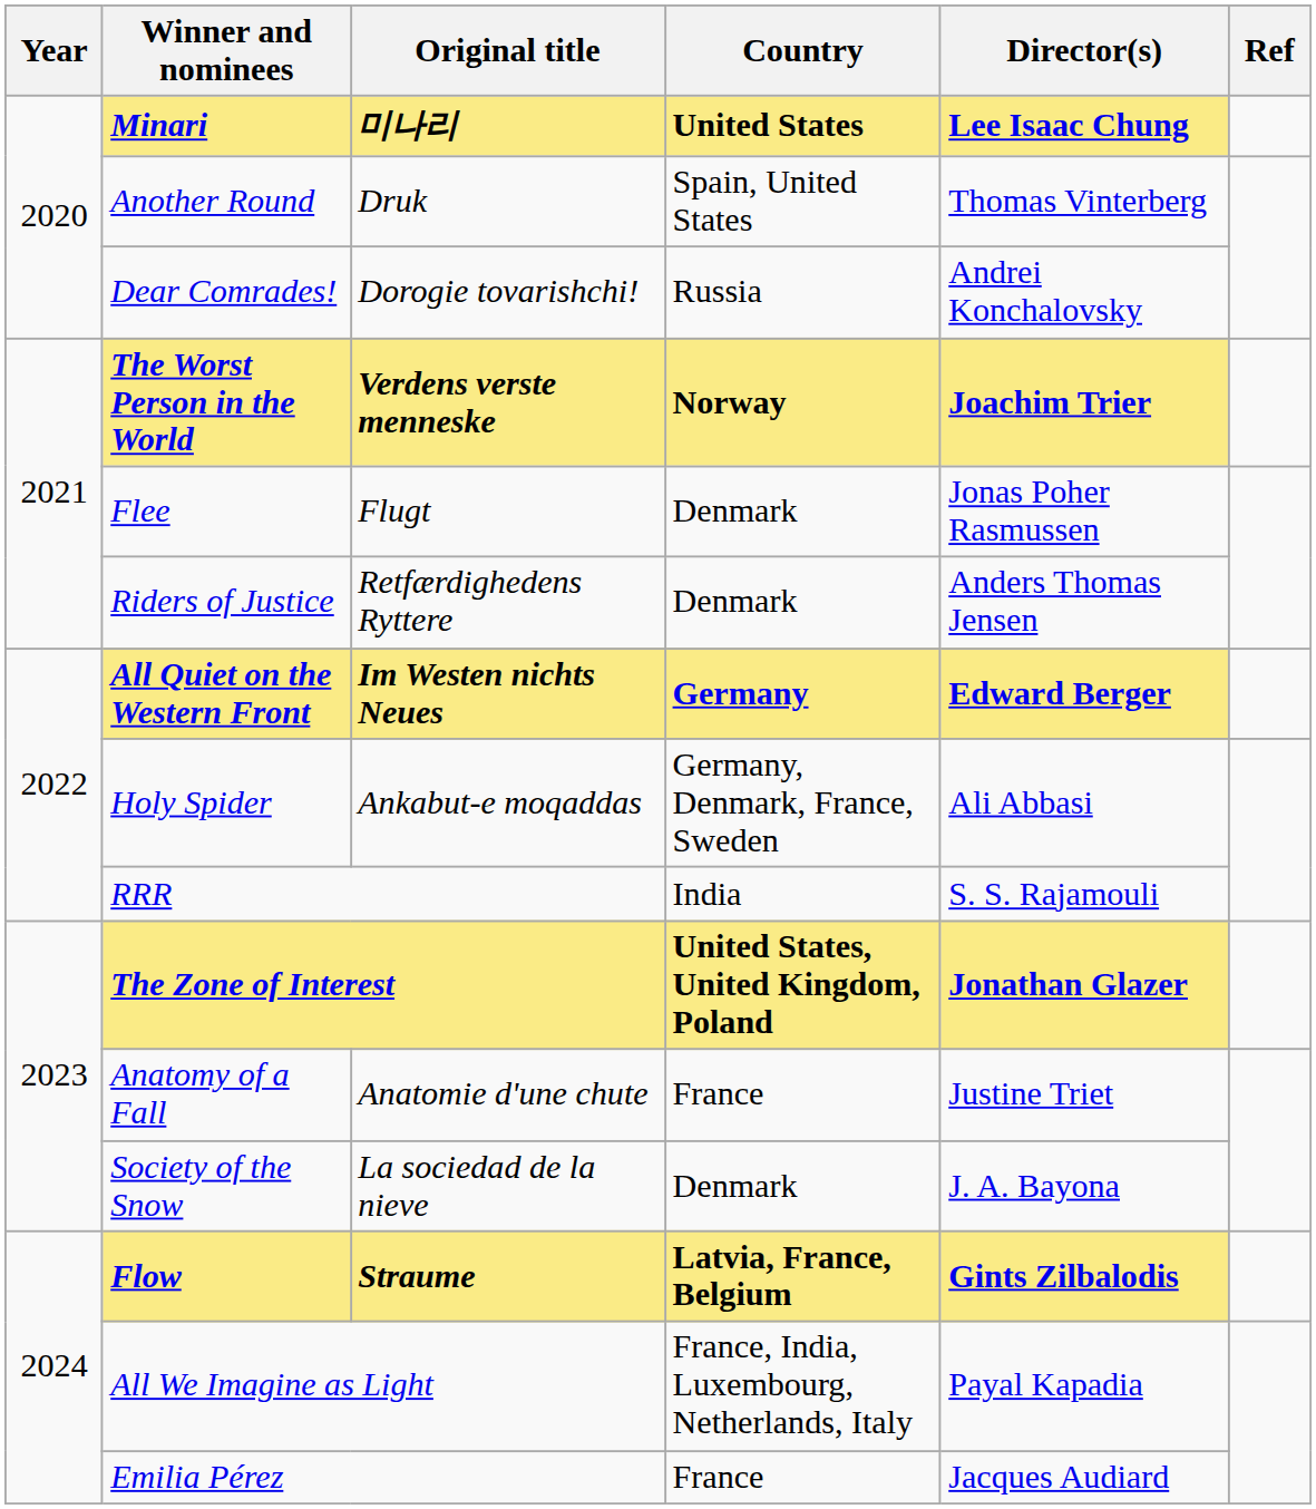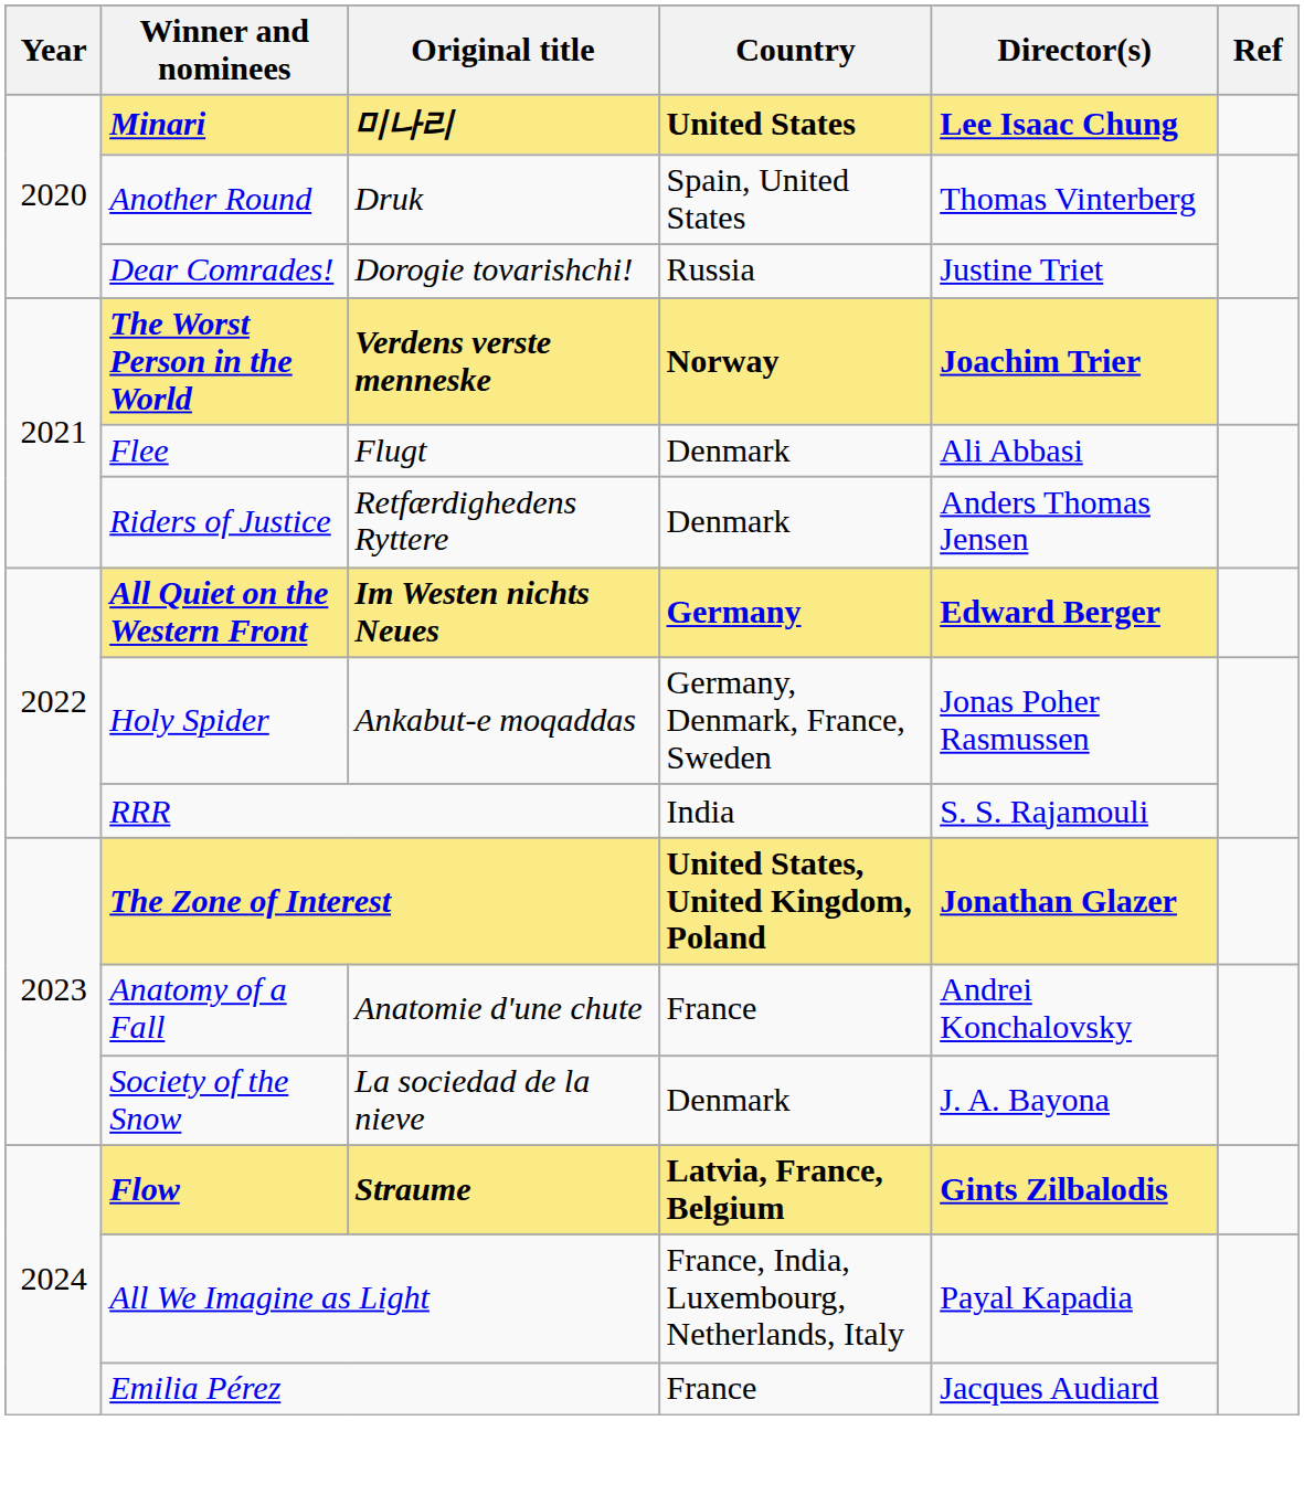 <table class="wikitable" width="100%" cellpadding="5">
 <tr>
 <th width="100"><strong>Year</strong></th>
 <th width="450"><strong>Winner and nominees</strong></th>
 <th width="450"><strong>Original title</strong></th>
 <th width="450"><strong>Country</strong></th>
 <th width="450"><strong>Director(s)</strong></th>
 <th width="100"><strong>Ref</strong></th>
 </tr>
 <tr>
 <td rowspan=3 style="text-align:center;">2020</td>
 <td style="background:#FAEB86;"><strong><em><a href='#'>Minari</a></em></strong></td>
 <td style="background:#FAEB86;"><strong><em>미나리</em></strong></td>
 <td style="background:#FAEB86;"><strong>United States</strong></td>
 <td style="background:#FAEB86;"><strong><a href='#'>Lee Isaac Chung</a></strong></td>
 <td></td>
 </tr>
 <tr>
 <td><em><a href='#'>Another Round</a></em></td>
 <td><em>Druk</em></td>
 <td>Spain, United States</td>
 <td><a href='#'>Thomas Vinterberg</a></td>
 <td rowspan=2></td>
 </tr>
 <tr>
 <td><em><a href='#'>Dear Comrades!</a></em></td>
 <td><em>Dorogie tovarishchi!</em></td>
 <td>Russia</td>
-<td><a href='#'>Andrei Konchalovsky</a></td>
+<td><a href='#'>Justine Triet</a></td>
 </tr>
 <tr>
 <td rowspan="3" style="text-align:center;">2021</td>
 <td style="background:#FAEB86;"><strong><em><a href='#'>The Worst Person in the World</a></em></strong></td>
 <td style="background:#FAEB86;"><strong><em>Verdens verste menneske</em></strong></td>
 <td style="background:#FAEB86;"><strong>Norway</strong></td>
 <td style="background:#FAEB86;"><strong><a href='#'>Joachim Trier</a></strong></td>
 <td></td>
 </tr>
 <tr>
 <td><em><a href='#'>Flee</a></em></td>
 <td><em>Flugt</em></td>
 <td>Denmark</td>
-<td><a href='#'>Jonas Poher Rasmussen</a></td>
+<td><a href='#'>Ali Abbasi</a></td>
 <td rowspan=2></td>
 </tr>
 <tr>
 <td><em><a href='#'>Riders of Justice</a></em></td>
 <td><em>Retfærdighedens Ryttere</em></td>
 <td>Denmark</td>
 <td><a href='#'>Anders Thomas Jensen</a></td>
 </tr>
 <tr>
 <td rowspan="3" style="text-align:center;">2022</td>
 <td style="background:#FAEB86;"><strong><em><a href='#'>All Quiet on the Western Front</a></em></strong></td>
 <td style="background:#FAEB86;"><strong><em>Im Westen nichts Neues</em></strong></td>
 <td style="background:#FAEB86;"><strong><a href='#'>Germany</a></strong></td>
 <td style="background:#FAEB86;"><strong><a href='#'>Edward Berger</a></strong></td>
 <td></td>
 </tr>
 <tr>
 <td><em><a href='#'>Holy Spider</a></em></td>
 <td><em>Ankabut-e moqaddas</em></td>
 <td>Germany, Denmark, France, Sweden</td>
-<td><a href='#'>Ali Abbasi</a></td>
+<td><a href='#'>Jonas Poher Rasmussen</a></td>
 <td rowspan=2></td>
 </tr>
 <tr>
 <td colspan=2><em><a href='#'>RRR</a></em></td>
 <td>India</td>
 <td><a href='#'>S. S. Rajamouli</a></td>
 </tr>
 <tr>
 <td rowspan="3" style="text-align:center;">2023</td>
 <td style="background:#FAEB86;" colspan=2><strong><em><a href='#'>The Zone of Interest</a></em></strong></td>
 <td style="background:#FAEB86;"><strong>United States, United Kingdom, Poland</strong></td>
 <td style="background:#FAEB86;"><strong><a href='#'>Jonathan Glazer</a></strong></td>
 <td></td>
 </tr>
 <tr>
 <td><em><a href='#'>Anatomy of a Fall</a></em></td>
 <td><em>Anatomie d'une chute</em></td>
 <td>France</td>
-<td><a href='#'>Justine Triet</a></td>
+<td><a href='#'>Andrei Konchalovsky</a></td>
 <td rowspan=2></td>
 </tr>
 <tr>
 <td><em><a href='#'>Society of the Snow</a></em></td>
 <td><em>La sociedad de la nieve</em></td>
 <td>Denmark</td>
 <td><a href='#'>J. A. Bayona</a></td>
 </tr>
 <tr>
 <td rowspan="3" style="text-align:center;">2024</td>
 <td style="background:#FAEB86;"><strong><em><a href='#'>Flow</a></em></strong></td>
 <td style="background:#FAEB86;"><strong><em>Straume</em></strong></td>
 <td style="background:#FAEB86;"><strong>Latvia, France, Belgium</strong></td>
 <td style="background:#FAEB86;"><strong><a href='#'>Gints Zilbalodis</a></strong></td>
 <td></td>
 </tr>
 <tr>
 <td colspan=2><em><a href='#'>All We Imagine as Light</a></em></td>
 <td>France, India, Luxembourg, Netherlands, Italy</td>
 <td><a href='#'>Payal Kapadia</a></td>
 <td rowspan=2></td>
 </tr>
 <tr>
 <td colspan=2><em><a href='#'>Emilia Pérez</a></em></td>
 <td>France</td>
 <td><a href='#'>Jacques Audiard</a></td>
 </tr>
 </table>
